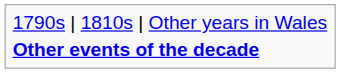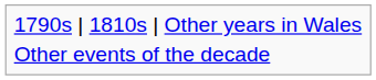 <table class="infobox" id="toc">
 <tr>
 <td align="left"><a href='#'>1790s</a> | <a href='#'>1810s</a> | <a href='#'>Other years in Wales</a></td>
 </tr>
 <tr>
-<td><strong><a href='#'>Other events of the decade</a></strong></td>
+<td><a href='#'>Other events of the decade</a></td>
 </tr>
 </table>
